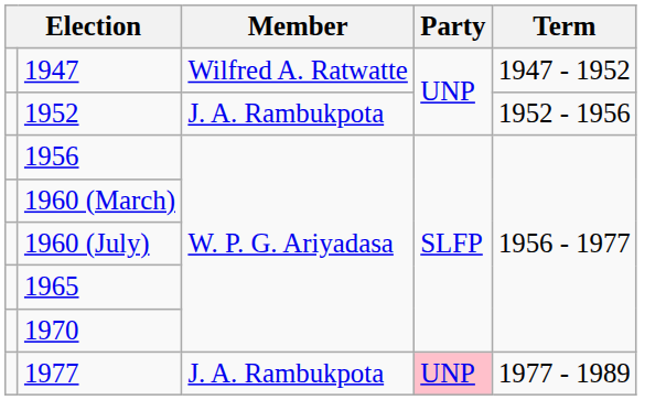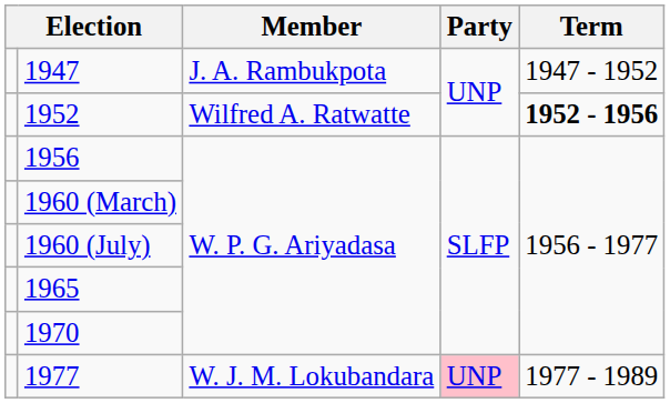 <table class="wikitable">
 <tr>
 <th colspan="2">Election</th>
 <th>Member</th>
 <th>Party</th>
 <th>Term</th>
 </tr>
 <tr>
 <td style="background-color: "></td>
 <td><a href='#'>1947</a></td>
-<td><a href='#'>Wilfred A. Ratwatte</a></td>
+<td><a href='#'>J. A. Rambukpota</a></td>
 <td rowspan=2><a href='#'>UNP</a></td>
 <td>1947 - 1952</td>
 </tr>
 <tr>
 <td style="background-color: "></td>
 <td><a href='#'>1952</a></td>
-<td><a href='#'>J. A. Rambukpota</a></td>
-<td>1952 - 1956</td>
+<td><a href='#'>Wilfred A. Ratwatte</a></td>
+<td><strong>1952 - 1956</strong></td>
 </tr>
 <tr>
 <td style="background-color: "></td>
 <td><a href='#'>1956</a></td>
 <td rowspan=5><a href='#'>W. P. G. Ariyadasa</a></td>
 <td rowspan=5><a href='#'>SLFP</a></td>
 <td rowspan=5>1956 - 1977</td>
 </tr>
 <tr>
 <td style="background-color: "></td>
 <td><a href='#'>1960 (March)</a></td>
 </tr>
 <tr>
 <td style="background-color: "></td>
 <td><a href='#'>1960 (July)</a></td>
 </tr>
 <tr>
 <td style="background-color: "></td>
 <td><a href='#'>1965</a></td>
 </tr>
 <tr>
 <td style="background-color: "></td>
 <td><a href='#'>1970</a></td>
 </tr>
 <tr>
 <td style="background-color: "></td>
 <td><a href='#'>1977</a></td>
-<td><a href='#'>J. A. Rambukpota</a></td>
+<td><a href='#'>W. J. M. Lokubandara</a></td>
 <td style="background: pink;"><a href='#'>UNP</a></td>
 <td>1977 - 1989</td>
 </tr>
 </table>
